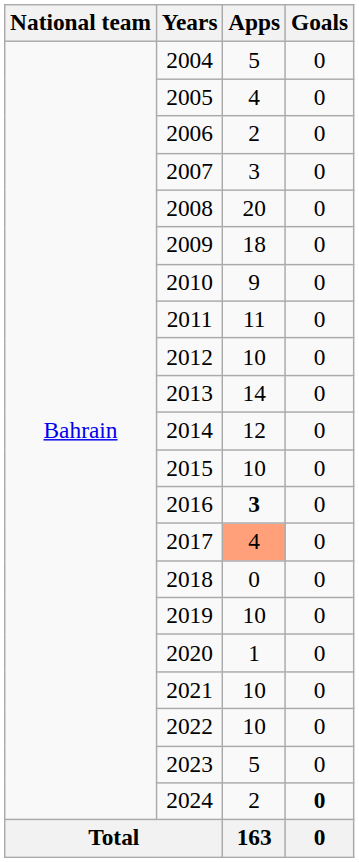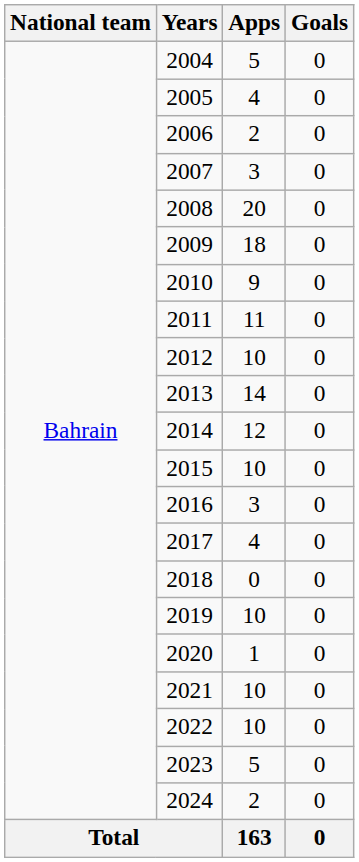 <table class="wikitable" style="text-align:center;">
 <tr>
 <th>National team</th>
 <th>Years</th>
 <th>Apps</th>
 <th>Goals</th>
 </tr>
 <tr>
 <td rowspan="21"><a href='#'>Bahrain</a></td>
 <td>2004</td>
 <td>5</td>
 <td>0</td>
 </tr>
 <tr>
 <td>2005</td>
 <td>4</td>
 <td>0</td>
 </tr>
 <tr>
 <td>2006</td>
 <td>2</td>
 <td>0</td>
 </tr>
 <tr>
 <td>2007</td>
 <td>3</td>
 <td>0</td>
 </tr>
 <tr>
 <td>2008</td>
 <td>20</td>
 <td>0</td>
 </tr>
 <tr>
 <td>2009</td>
 <td>18</td>
 <td>0</td>
 </tr>
 <tr>
 <td>2010</td>
 <td>9</td>
 <td>0</td>
 </tr>
 <tr>
 <td>2011</td>
 <td>11</td>
 <td>0</td>
 </tr>
 <tr>
 <td>2012</td>
 <td>10</td>
 <td>0</td>
 </tr>
 <tr>
 <td>2013</td>
 <td>14</td>
 <td>0</td>
 </tr>
 <tr>
 <td>2014</td>
 <td>12</td>
 <td>0</td>
 </tr>
 <tr>
 <td>2015</td>
 <td>10</td>
 <td>0</td>
 </tr>
 <tr>
 <td>2016</td>
-<td><strong>3</strong></td>
+<td>3</td>
 <td>0</td>
 </tr>
 <tr>
 <td>2017</td>
-<td style="background: lightsalmon;">4</td>
+<td>4</td>
 <td>0</td>
 </tr>
 <tr>
 <td>2018</td>
 <td>0</td>
 <td>0</td>
 </tr>
 <tr>
 <td>2019</td>
 <td>10</td>
 <td>0</td>
 </tr>
 <tr>
 <td>2020</td>
 <td>1</td>
 <td>0</td>
 </tr>
 <tr>
 <td>2021</td>
 <td>10</td>
 <td>0</td>
 </tr>
 <tr>
 <td>2022</td>
 <td>10</td>
 <td>0</td>
 </tr>
 <tr>
 <td>2023</td>
 <td>5</td>
 <td>0</td>
 </tr>
 <tr>
 <td>2024</td>
 <td>2</td>
-<td><strong>0</strong></td>
+<td>0</td>
 </tr>
 <tr>
 <th colspan=2>Total</th>
 <th>163</th>
 <th>0</th>
 </tr>
 </table>
